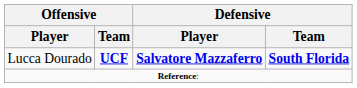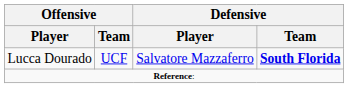 <table class="wikitable" style="text-align: center;">
 <tr>
 <th colspan="2">Offensive</th>
 <th colspan="2">Defensive</th>
 </tr>
 <tr>
 <th>Player</th>
 <th>Team</th>
 <th>Player</th>
 <th>Team</th>
 </tr>
 <tr>
 <td>Lucca Dourado</td>
-<td><strong><a href='#'>UCF</a></strong></td>
-<td><strong><a href='#'>Salvatore Mazzaferro</a></strong></td>
+<td><a href='#'>UCF</a></td>
+<td><a href='#'>Salvatore Mazzaferro</a></td>
 <td><strong><a href='#'>South Florida</a></strong></td>
 </tr>
 <tr>
 <td colspan="4"  style="font-size:8pt; text-align:center;"><strong>Reference</strong>:</td>
 </tr>
 </table>
